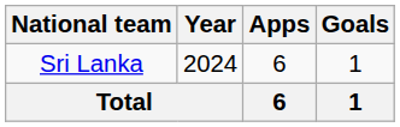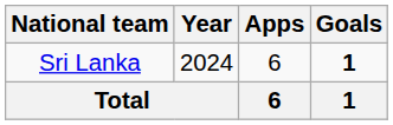 <table class="wikitable" style="text-align:center">
 <tr>
 <th>National team</th>
 <th>Year</th>
 <th>Apps</th>
 <th>Goals</th>
 </tr>
 <tr>
 <td><a href='#'>Sri Lanka</a></td>
 <td>2024</td>
 <td>6</td>
-<td>1</td>
+<td><strong>1</strong></td>
 </tr>
 <tr>
 <th colspan="2">Total</th>
 <th>6</th>
 <th>1</th>
 </tr>
 </table>
